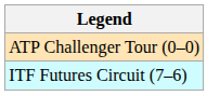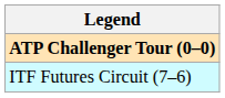 <table class=wikitable style=font-size:97%>
 <tr>
 <th>Legend</th>
 </tr>
 <tr bgcolor=moccasin>
-<td>ATP Challenger Tour (0–0)</td>
+<td><strong>ATP Challenger Tour (0–0)</strong></td>
 </tr>
 <tr bgcolor=#CFFCFF>
 <td>ITF Futures Circuit (7–6)</td>
 </tr>
 </table>
